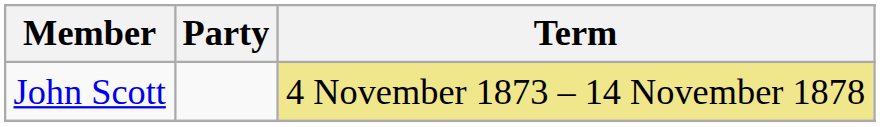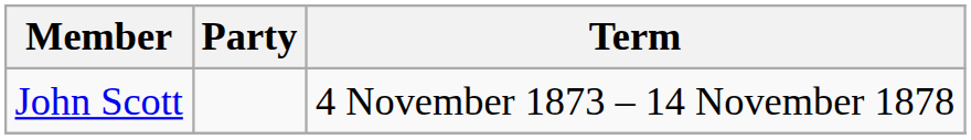 <table class="wikitable">
 <tr>
 <th>Member</th>
 <th>Party</th>
 <th>Term</th>
 </tr>
 <tr>
 <td><a href='#'>John Scott</a></td>
 <td></td>
-<td style="background: khaki;">4 November 1873 – 14 November 1878</td>
+<td>4 November 1873 – 14 November 1878</td>
 </tr>
 <tr>
 </tr>
 </table>
